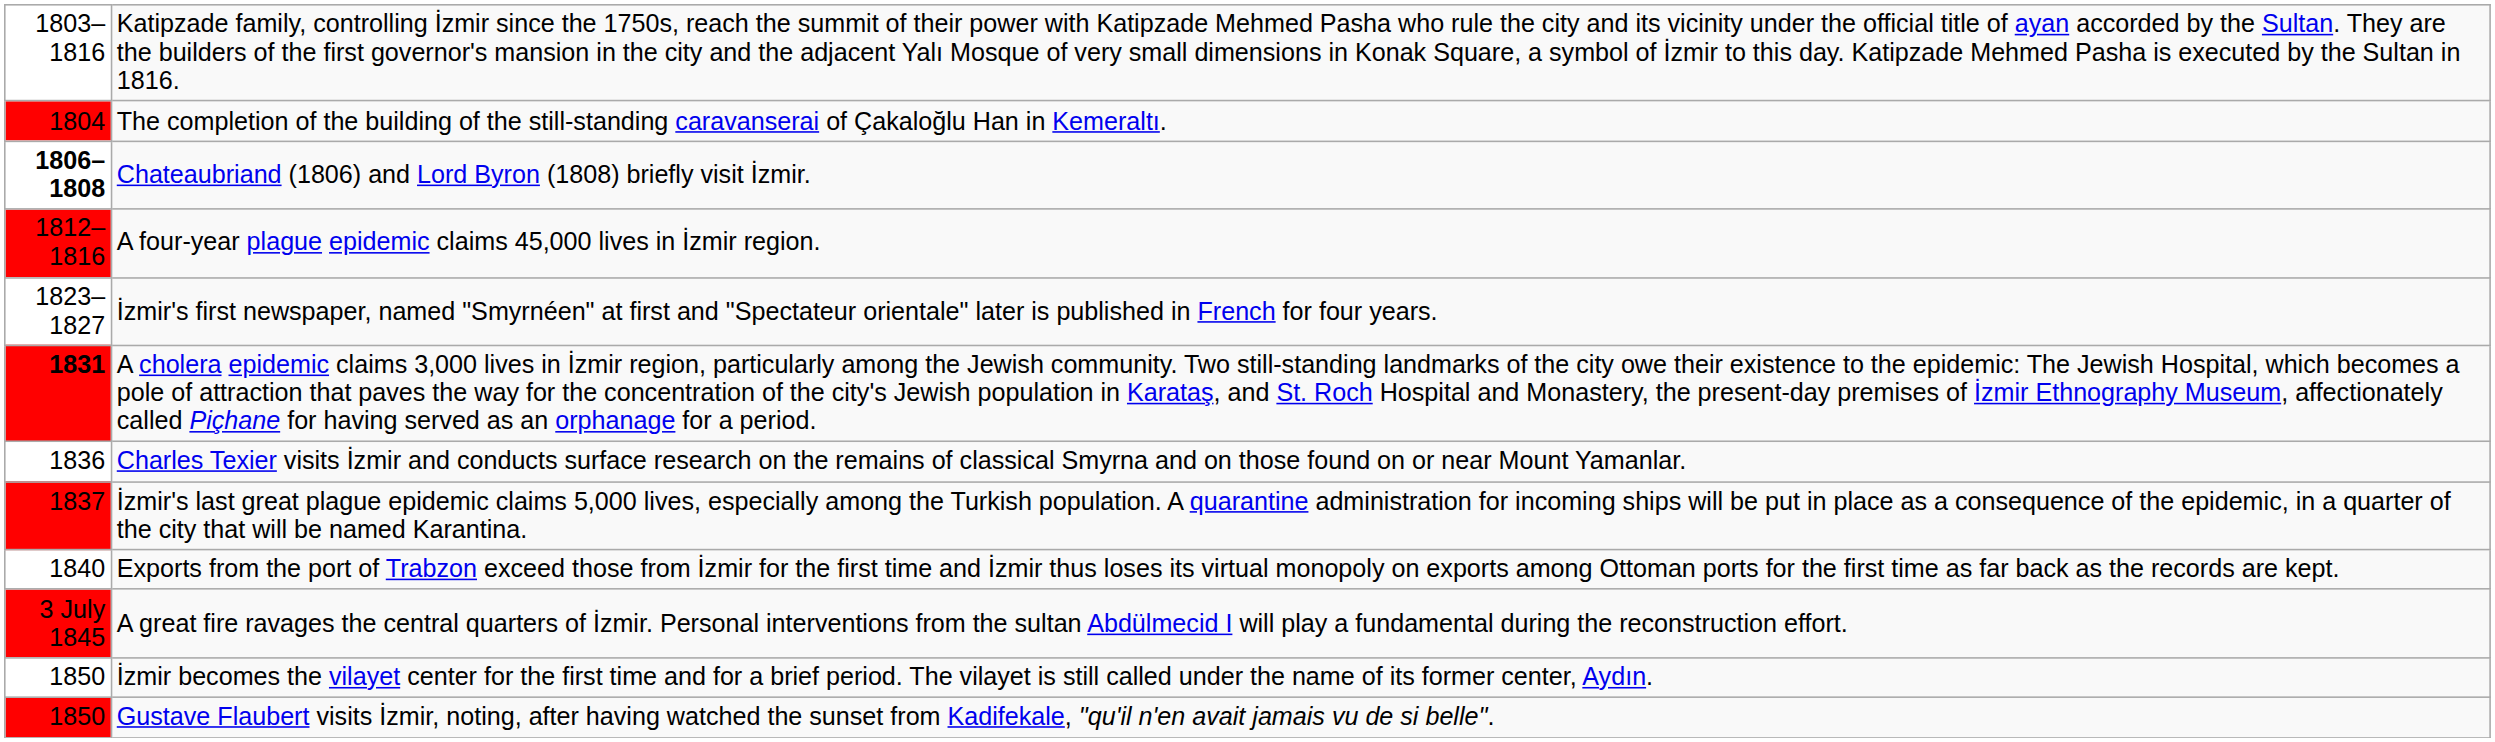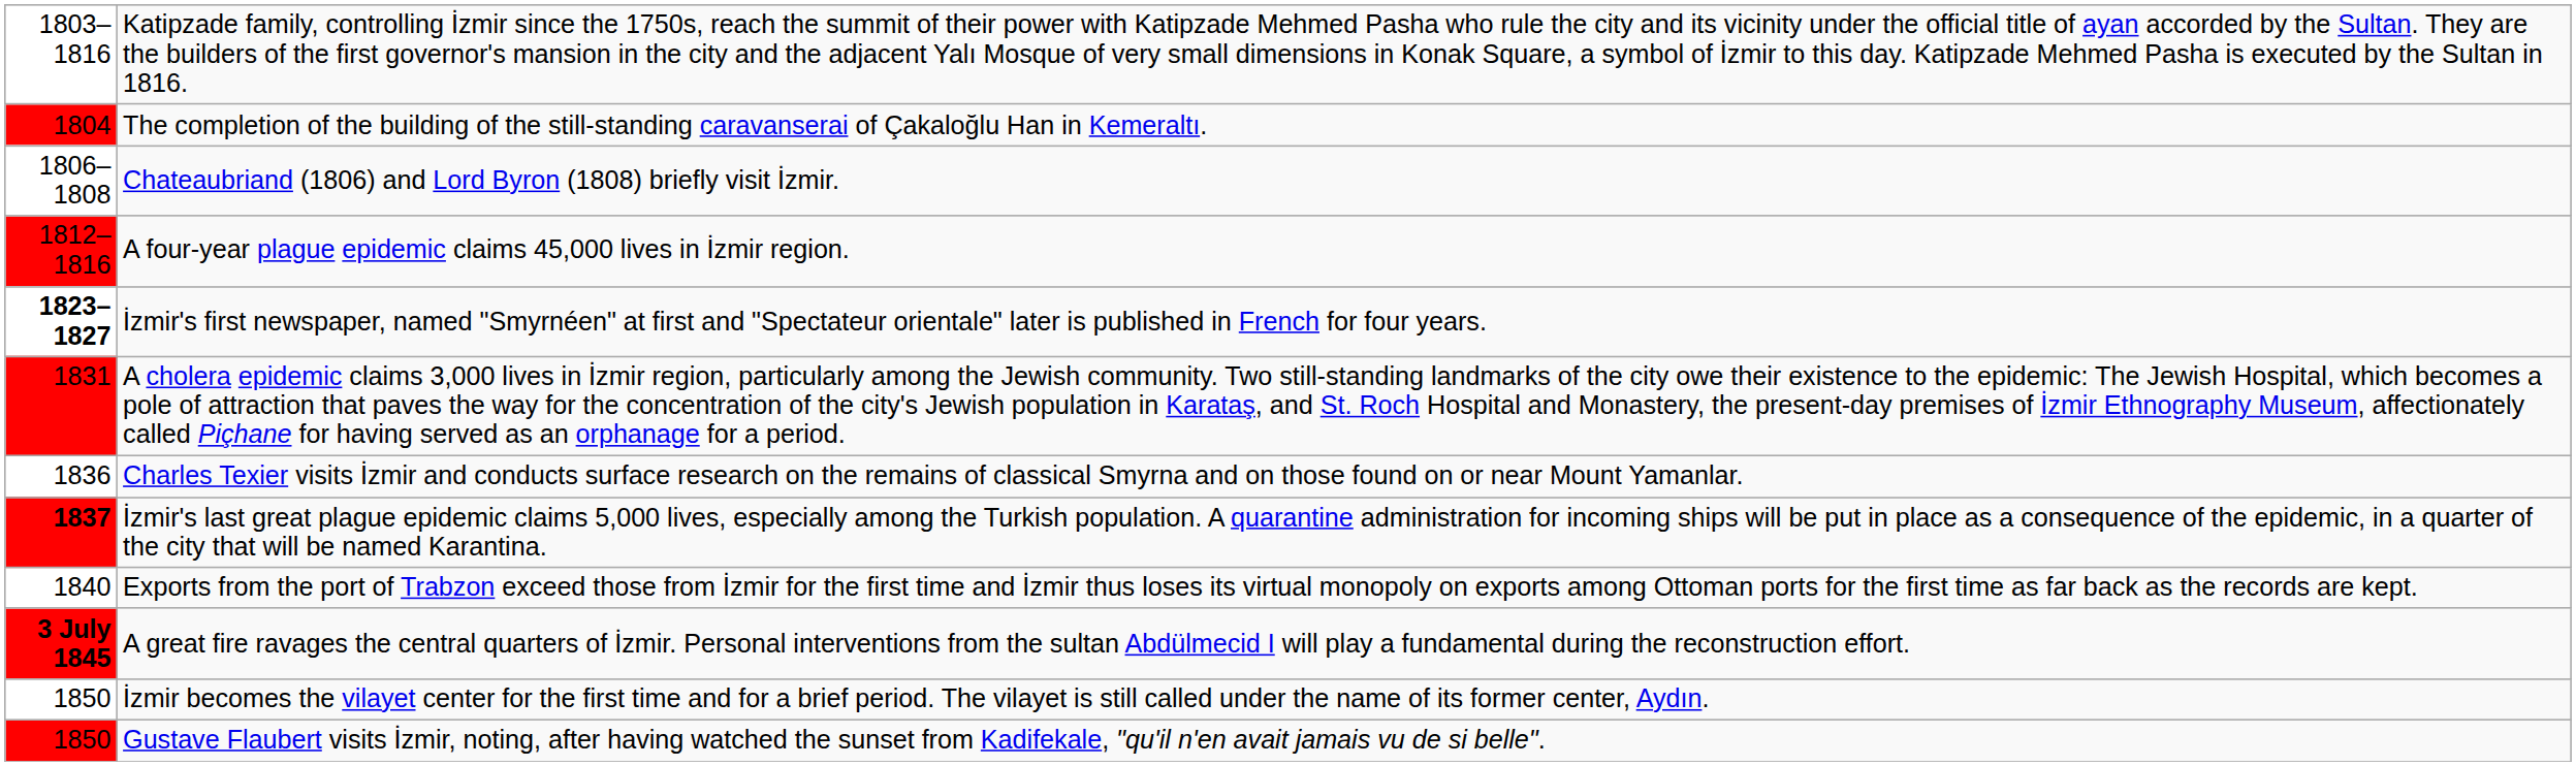 <table class="wikitable" style="margin:1em auto;">
 <tr>
 <td valign="top" align="right" style="background:White">1803–1816</td>
 <td>Katipzade family, controlling İzmir since the 1750s, reach the summit of their power with Katipzade Mehmed Pasha who rule the city and its vicinity under the official title of <a href='#'>ayan</a> accorded by the <a href='#'>Sultan</a>. They are the builders of the first governor's mansion in the city and the adjacent Yalı Mosque of very small dimensions in Konak Square, a symbol of İzmir to this day. Katipzade Mehmed Pasha is executed by the Sultan in 1816.</td>
 </tr>
 <tr>
 <td valign="top" align="right" style="background:Red">1804</td>
 <td>The completion of the building of the still-standing <a href='#'>caravanserai</a> of Çakaloğlu Han in <a href='#'>Kemeraltı</a>.</td>
 </tr>
 <tr>
-<td valign="top" align="right" style="background:White"><strong>1806–1808</strong></td>
+<td valign="top" align="right" style="background:White">1806–1808</td>
 <td><a href='#'>Chateaubriand</a> (1806) and <a href='#'>Lord Byron</a> (1808) briefly visit İzmir.</td>
 </tr>
 <tr>
 <td valign="top" align="right" style="background:Red">1812–1816</td>
 <td>A four-year <a href='#'>plague</a> <a href='#'>epidemic</a> claims 45,000 lives in İzmir region.</td>
 </tr>
 <tr>
-<td valign="top" align="right" style="background:White">1823–1827</td>
+<td valign="top" align="right" style="background:White"><strong>1823–1827</strong></td>
 <td>İzmir's first newspaper, named "Smyrnéen" at first and "Spectateur orientale" later is published in <a href='#'>French</a> for four years.</td>
 </tr>
 <tr>
-<td valign="top" align="right" style="background:Red"><strong>1831</strong></td>
+<td valign="top" align="right" style="background:Red">1831</td>
 <td>A <a href='#'>cholera</a> <a href='#'>epidemic</a> claims 3,000 lives in İzmir region, particularly among the Jewish community. Two still-standing landmarks of the city owe their existence to the epidemic: The Jewish Hospital, which becomes a pole of attraction that paves the way for the concentration of the city's Jewish population in <a href='#'>Karataş</a>, and <a href='#'>St. Roch</a> Hospital and Monastery, the present-day premises of <a href='#'>İzmir Ethnography Museum</a>, affectionately called <em><a href='#'>Piçhane</a></em> for having served as an <a href='#'>orphanage</a> for a period.</td>
 </tr>
 <tr>
 <td valign="top" align="right" style="background:White">1836</td>
 <td><a href='#'>Charles Texier</a> visits İzmir and conducts surface research on the remains of classical Smyrna and on those found on or near Mount Yamanlar.</td>
 </tr>
 <tr>
-<td valign="top" align="right" style="background:Red">1837</td>
+<td valign="top" align="right" style="background:Red"><strong>1837</strong></td>
 <td>İzmir's last great plague epidemic claims 5,000 lives, especially among the Turkish population. A <a href='#'>quarantine</a> administration for incoming ships will be put in place as a consequence of the epidemic, in a quarter of the city that will be named Karantina.</td>
 </tr>
 <tr>
 <td valign="top" align="right" style="background:White">1840</td>
 <td>Exports from the port of <a href='#'>Trabzon</a> exceed those from İzmir for the first time and İzmir thus loses its virtual monopoly on exports among Ottoman ports for the first time as far back as the records are kept.</td>
 </tr>
 <tr>
-<td valign="top" align="right" style="background:Red">3 July 1845</td>
+<td valign="top" align="right" style="background:Red"><strong>3 July 1845</strong></td>
 <td>A great fire ravages the central quarters of İzmir. Personal interventions from the sultan <a href='#'>Abdülmecid I</a> will play a fundamental during the reconstruction effort.</td>
 </tr>
 <tr>
 <td valign="top" align="right" style="background:White">1850</td>
 <td>İzmir becomes the <a href='#'>vilayet</a> center for the first time and for a brief period. The vilayet is still called under the name of its former center, <a href='#'>Aydın</a>.</td>
 </tr>
 <tr>
 <td valign="top" align="right" style="background:Red">1850</td>
 <td><a href='#'>Gustave Flaubert</a> visits İzmir, noting, after having watched the sunset from <a href='#'>Kadifekale</a>, <em>"qu'il n'en avait jamais vu de si belle"</em>.</td>
 </tr>
 </table>
